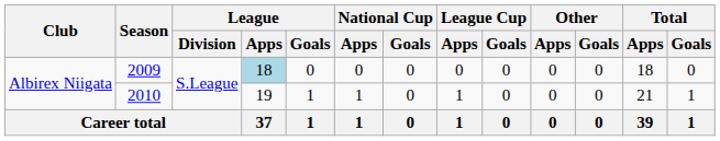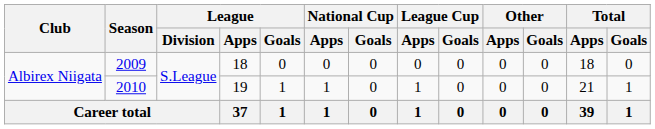 <table class="wikitable" style="text-align: center">
 <tr>
 <th rowspan="2">Club</th>
 <th rowspan="2">Season</th>
 <th colspan="3">League</th>
 <th colspan="2">National Cup</th>
 <th colspan="2">League Cup</th>
 <th colspan="2">Other</th>
 <th colspan="2">Total</th>
 </tr>
 <tr>
 <th>Division</th>
 <th>Apps</th>
 <th>Goals</th>
 <th>Apps</th>
 <th>Goals</th>
 <th>Apps</th>
 <th>Goals</th>
 <th>Apps</th>
 <th>Goals</th>
 <th>Apps</th>
 <th>Goals</th>
 </tr>
 <tr>
 <td rowspan="2"><a href='#'>Albirex Niigata</a></td>
 <td><a href='#'>2009</a></td>
 <td rowspan="2"><a href='#'>S.League</a></td>
-<td style="background: lightblue;">18</td>
+<td>18</td>
 <td>0</td>
 <td>0</td>
 <td>0</td>
 <td>0</td>
 <td>0</td>
 <td>0</td>
 <td>0</td>
 <td>18</td>
 <td>0</td>
 </tr>
 <tr>
 <td><a href='#'>2010</a></td>
 <td>19</td>
 <td>1</td>
 <td>1</td>
 <td>0</td>
 <td>1</td>
 <td>0</td>
 <td>0</td>
 <td>0</td>
 <td>21</td>
 <td>1</td>
 </tr>
 <tr>
 <th colspan=3>Career total</th>
 <th>37</th>
 <th>1</th>
 <th>1</th>
 <th>0</th>
 <th>1</th>
 <th>0</th>
 <th>0</th>
 <th>0</th>
 <th>39</th>
 <th>1</th>
 </tr>
 </table>
